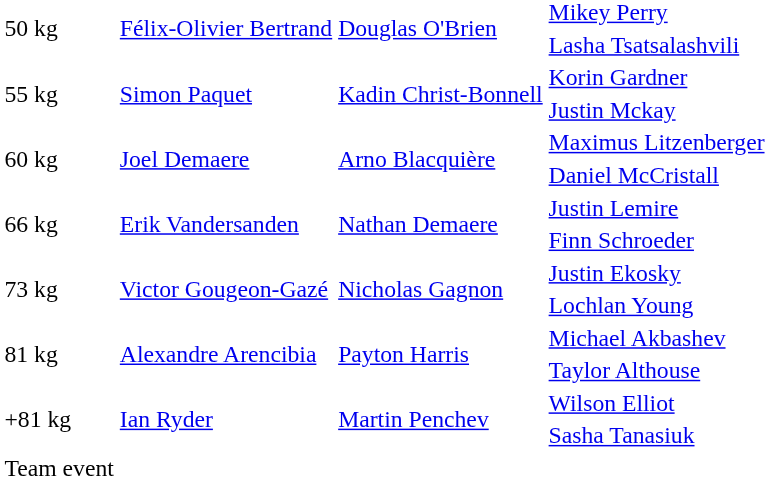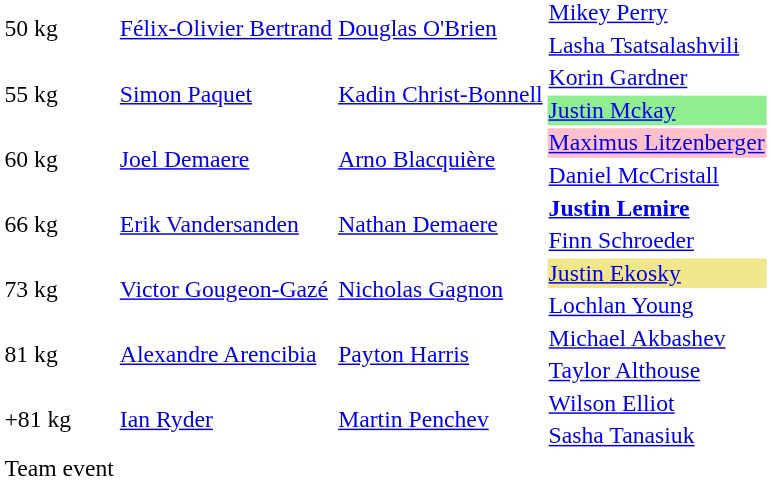 <table>
 <tr>
 <td rowspan=2>50 kg</td>
 <td rowspan=2><a href='#'>Félix-Olivier Bertrand</a><br></td>
 <td rowspan=2><a href='#'>Douglas O'Brien</a><br></td>
 <td><a href='#'>Mikey Perry</a><br></td>
 </tr>
 <tr>
 <td><a href='#'>Lasha Tsatsalashvili</a><br></td>
 </tr>
 <tr>
 <td rowspan=2>55 kg</td>
 <td rowspan=2><a href='#'>Simon Paquet</a><br></td>
 <td rowspan=2><a href='#'>Kadin Christ-Bonnell</a><br></td>
 <td><a href='#'>Korin Gardner</a><br></td>
 </tr>
 <tr>
-<td><a href='#'>Justin Mckay</a><br></td>
+<td style="background: lightgreen;"><a href='#'>Justin Mckay</a><br></td>
 </tr>
 <tr>
 <td rowspan=2>60 kg</td>
 <td rowspan=2><a href='#'>Joel Demaere</a><br></td>
 <td rowspan=2><a href='#'>Arno Blacquière</a><br></td>
-<td><a href='#'>Maximus Litzenberger</a><br></td>
+<td style="background: pink;"><a href='#'>Maximus Litzenberger</a><br></td>
 </tr>
 <tr>
 <td><a href='#'>Daniel McCristall</a><br></td>
 </tr>
 <tr>
 <td rowspan=2>66 kg</td>
 <td rowspan=2><a href='#'>Erik Vandersanden</a><br></td>
 <td rowspan=2><a href='#'>Nathan Demaere</a><br></td>
-<td><a href='#'>Justin Lemire</a><br></td>
+<td><strong><a href='#'>Justin Lemire</a><br></strong></td>
 </tr>
 <tr>
 <td><a href='#'>Finn Schroeder</a><br></td>
 </tr>
 <tr>
 <td rowspan=2>73 kg</td>
 <td rowspan=2><a href='#'>Victor Gougeon-Gazé</a><br></td>
 <td rowspan=2><a href='#'>Nicholas Gagnon</a><br></td>
-<td><a href='#'>Justin Ekosky</a><br></td>
+<td style="background: khaki;"><a href='#'>Justin Ekosky</a><br></td>
 </tr>
 <tr>
 <td><a href='#'>Lochlan Young</a><br></td>
 </tr>
 <tr>
 <td rowspan=2>81 kg</td>
 <td rowspan=2><a href='#'>Alexandre Arencibia</a><br></td>
 <td rowspan=2><a href='#'>Payton Harris</a><br></td>
 <td><a href='#'>Michael Akbashev</a><br></td>
 </tr>
 <tr>
 <td><a href='#'>Taylor Althouse</a><br></td>
 </tr>
 <tr>
 <td rowspan=2>+81 kg</td>
 <td rowspan=2><a href='#'>Ian Ryder</a><br></td>
 <td rowspan=2><a href='#'>Martin Penchev</a><br></td>
 <td><a href='#'>Wilson Elliot</a><br></td>
 </tr>
 <tr>
 <td><a href='#'>Sasha Tanasiuk</a><br></td>
 </tr>
 <tr>
 <td rowspan=2>Team event</td>
 <td rowspan=2></td>
 <td rowspan=2></td>
 <td></td>
 </tr>
 <tr>
 <td></td>
 </tr>
 </table>
